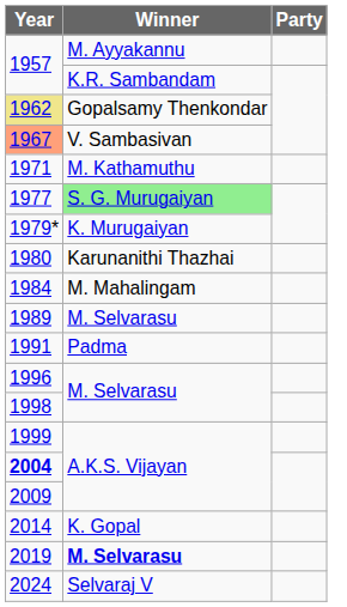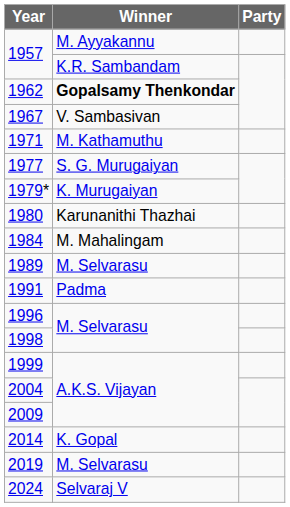 <table class="wikitable sortable">
 <tr>
 <th style="background-color:#666666; color:white">Year</th>
 <th style="background-color:#666666; color:white">Winner</th>
 <th scope="col" style="background-color:#666666; color:white" colspan=2>Party</th>
 </tr>
 <tr --->
 <td rowspan=2><a href='#'>1957</a></td>
 <td><a href='#'>M. Ayyakannu</a></td>
 <td></td>
 </tr>
 <tr>
 <td><a href='#'>K.R. Sambandam</a></td>
 </tr>
 <tr>
-<td style="background: khaki;"><a href='#'>1962</a></td>
-<td>Gopalsamy Thenkondar</td>
+<td><a href='#'>1962</a></td>
+<td><strong>Gopalsamy Thenkondar</strong></td>
 </tr>
 <tr --->
-<td style="background: lightsalmon;"><a href='#'>1967</a></td>
+<td><a href='#'>1967</a></td>
 <td>V. Sambasivan</td>
 </tr>
 <tr --->
 <td><a href='#'>1971</a></td>
 <td><a href='#'>M. Kathamuthu</a></td>
 <td></td>
 </tr>
 <tr --->
 <td><a href='#'>1977</a></td>
-<td style="background: lightgreen;"><a href='#'>S. G. Murugaiyan</a></td>
+<td><a href='#'>S. G. Murugaiyan</a></td>
 </tr>
 <tr --->
 <td><a href='#'>1979</a>*</td>
 <td><a href='#'>K. Murugaiyan</a></td>
 </tr>
 <tr --->
 <td><a href='#'>1980</a></td>
 <td>Karunanithi Thazhai</td>
 <td></td>
 </tr>
 <tr --->
 <td><a href='#'>1984</a></td>
 <td>M. Mahalingam</td>
 <td></td>
 </tr>
 <tr --->
 <td><a href='#'>1989</a></td>
 <td><a href='#'>M. Selvarasu</a></td>
 <td></td>
 </tr>
 <tr --->
 <td><a href='#'>1991</a></td>
 <td><a href='#'>Padma</a></td>
 <td></td>
 </tr>
 <tr --->
 <td><a href='#'>1996</a></td>
 <td rowspan="2"><a href='#'>M. Selvarasu</a></td>
 <td></td>
 </tr>
 <tr --->
 <td><a href='#'>1998</a></td>
 </tr>
 <tr --->
 <td><a href='#'>1999</a></td>
 <td rowspan="3"><a href='#'>A.K.S. Vijayan</a></td>
 <td></td>
 </tr>
 <tr --->
-<td><strong><a href='#'>2004</a></strong></td>
+<td><a href='#'>2004</a></td>
 </tr>
 <tr --->
 <td><a href='#'>2009</a></td>
 </tr>
 <tr>
 <td><a href='#'>2014</a></td>
 <td><a href='#'>K. Gopal</a></td>
 <td></td>
 </tr>
 <tr>
 <td><a href='#'>2019</a></td>
-<td><strong><a href='#'>M. Selvarasu</a></strong></td>
+<td><a href='#'>M. Selvarasu</a></td>
 <td></td>
 </tr>
 <tr>
 <td><a href='#'>2024</a></td>
 <td><a href='#'>Selvaraj V</a></td>
 </tr>
 </table>
